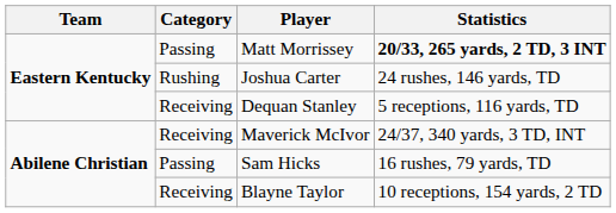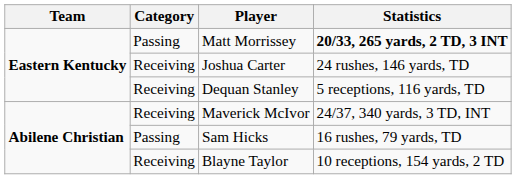 <table class="wikitable" style="float: right;">
 <tr>
 <th>Team</th>
 <th>Category</th>
 <th>Player</th>
 <th>Statistics</th>
 </tr>
 <tr>
 <td rowspan=3><strong>Eastern Kentucky</strong></td>
 <td>Passing</td>
 <td>Matt Morrissey</td>
 <td><strong>20/33, 265 yards, 2 TD, 3 INT</strong></td>
 </tr>
 <tr>
-<td>Rushing</td>
+<td>Receiving</td>
 <td>Joshua Carter</td>
 <td>24 rushes, 146 yards, TD</td>
 </tr>
 <tr>
 <td>Receiving</td>
 <td>Dequan Stanley</td>
 <td>5 receptions, 116 yards, TD</td>
 </tr>
 <tr>
 <td rowspan=3><strong>Abilene Christian</strong></td>
 <td>Receiving</td>
 <td>Maverick McIvor</td>
 <td>24/37, 340 yards, 3 TD, INT</td>
 </tr>
 <tr>
 <td>Passing</td>
 <td>Sam Hicks</td>
 <td>16 rushes, 79 yards, TD</td>
 </tr>
 <tr>
 <td>Receiving</td>
 <td>Blayne Taylor</td>
 <td>10 receptions, 154 yards, 2 TD</td>
 </tr>
 </table>
